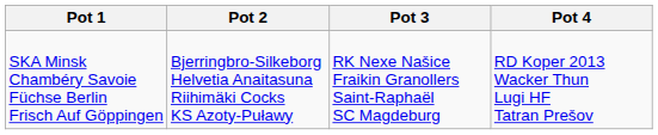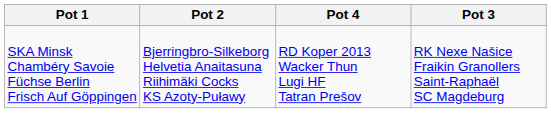 <table class="wikitable">
 <tr>
 <th width=25%>Pot 1</th>
 <th width=25%>Pot 2</th>
+<th width=25%>Pot 4</th>
 <th width=25%>Pot 3</th>
-<th width=25%>Pot 4</th>
 </tr>
 <tr>
 <td><br> <a href='#'>SKA Minsk</a><br>  <a href='#'>Chambéry Savoie</a><br>  <a href='#'>Füchse Berlin</a><br>  <a href='#'>Frisch Auf Göppingen</a></td>
 <td><br> <a href='#'>Bjerringbro-Silkeborg</a><br>  <a href='#'>Helvetia Anaitasuna</a><br>  <a href='#'>Riihimäki Cocks</a><br>  <a href='#'>KS Azoty-Puławy</a></td>
+<td><br> <a href='#'>RD Koper 2013</a><br>  <a href='#'>Wacker Thun</a><br>  <a href='#'>Lugi HF</a><br>  <a href='#'>Tatran Prešov</a></td>
 <td><br> <a href='#'>RK Nexe Našice</a><br>  <a href='#'>Fraikin Granollers</a><br>  <a href='#'>Saint-Raphaël</a><br>  <a href='#'>SC Magdeburg</a></td>
-<td><br> <a href='#'>RD Koper 2013</a><br>  <a href='#'>Wacker Thun</a><br>  <a href='#'>Lugi HF</a><br>  <a href='#'>Tatran Prešov</a></td>
 </tr>
 </table>
